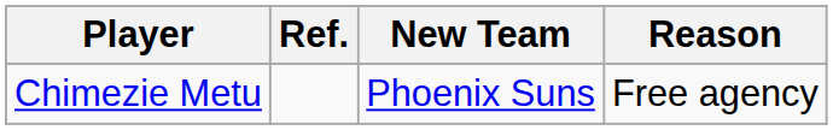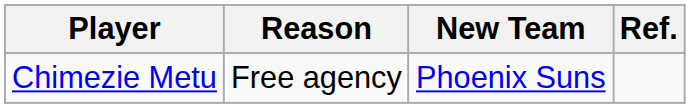 <table class="wikitable sortable sortable" style="text-align: center">
 <tr>
 <th>Player</th>
+<th>Reason</th>
+<th>New Team</th>
 <th>Ref.</th>
-<th>New Team</th>
-<th>Reason</th>
 </tr>
 <tr>
 <td><a href='#'>Chimezie Metu</a></td>
+<td>Free agency</td>
+<td><a href='#'>Phoenix Suns</a></td>
 <td></td>
-<td><a href='#'>Phoenix Suns</a></td>
-<td>Free agency</td>
 </tr>
 </table>
